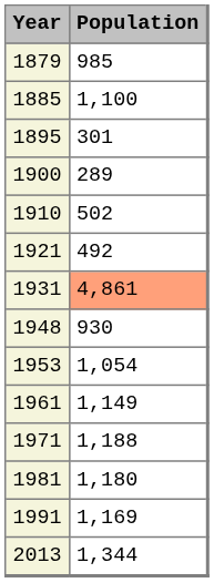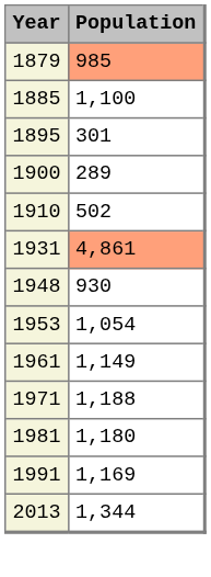 <table border=1 cellpadding=4 cellspacing=0 class="toccolours" style="align: left; margin: 0.5em 0 0 0; border-style: solid; border: 1px solid #7f7f7f; border-right-width: 2px; border-bottom-width: 2px; border-collapse: collapse; font-size: 95%;">
 <tr>
 <td style="background:#c1c1c1;"><strong>Year</strong></td>
 <td colspan=1 style="background:#c1c1c1;" align="center"><strong>Population</strong></td>
 </tr>
 <tr>
 <td style="background:#F5F5DC;">1879</td>
-<td>985</td>
+<td style="background: lightsalmon;">985</td>
 </tr>
 <tr>
 <td style="background:#F5F5DC;">1885</td>
 <td>1,100</td>
 </tr>
 <tr>
 <td style="background:#F5F5DC;">1895</td>
 <td>301</td>
 </tr>
 <tr>
 <td style="background:#F5F5DC;">1900</td>
 <td>289</td>
 </tr>
 <tr>
 <td style="background:#F5F5DC;">1910</td>
 <td>502</td>
-</tr>
-<tr>
-<td style="background:#F5F5DC;">1921</td>
-<td>492</td>
 </tr>
 <tr>
 <td style="background:#F5F5DC;">1931</td>
 <td style="background: lightsalmon;">4,861</td>
 </tr>
 <tr>
 <td style="background:#F5F5DC;">1948</td>
 <td>930</td>
 </tr>
 <tr>
 <td style="background:#F5F5DC;">1953</td>
 <td>1,054</td>
 </tr>
 <tr>
 <td style="background:#F5F5DC;">1961</td>
 <td>1,149</td>
 </tr>
 <tr>
 <td style="background:#F5F5DC;">1971</td>
 <td>1,188</td>
 </tr>
 <tr>
 <td style="background:#F5F5DC;">1981</td>
 <td>1,180</td>
 </tr>
 <tr>
 <td style="background:#F5F5DC;">1991</td>
 <td>1,169</td>
 </tr>
 <tr>
 <td style="background:#F5F5DC;">2013</td>
 <td>1,344</td>
 </tr>
 <tr>
 </tr>
 </table>
